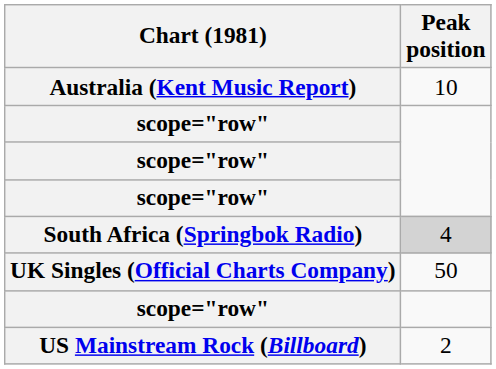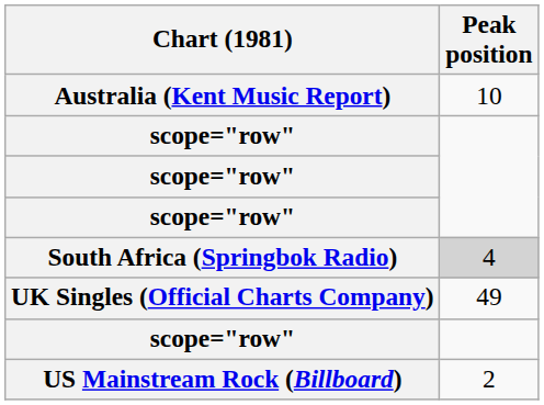 <table class="wikitable sortable plainrowheaders">
 <tr>
 <th>Chart (1981)</th>
 <th>Peak<br>position</th>
 </tr>
 <tr>
 <th scope="row">Australia (<a href='#'>Kent Music Report</a>)</th>
 <td style="text-align:center;">10</td>
 </tr>
 <tr>
 <th>scope="row" </th>
 </tr>
 <tr>
 <th>scope="row" </th>
 </tr>
 <tr>
 <th>scope="row" </th>
 </tr>
 <tr>
 <th scope="row">South Africa (<a href='#'>Springbok Radio</a>)</th>
 <td style="background: lightgrey; text-align:center;">4</td>
 </tr>
 <tr>
 <th scope="row">UK Singles (<a href='#'>Official Charts Company</a>)</th>
-<td style="text-align:center;">50</td>
+<td style="text-align:center;">49</td>
 </tr>
 <tr>
 <th>scope="row" </th>
 </tr>
 <tr>
 <th scope="row">US <a href='#'>Mainstream Rock</a> (<em><a href='#'>Billboard</a></em>)</th>
 <td style="text-align:center;">2</td>
 </tr>
 </table>
